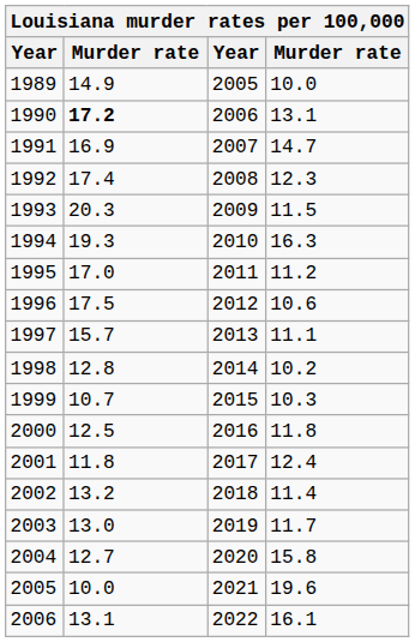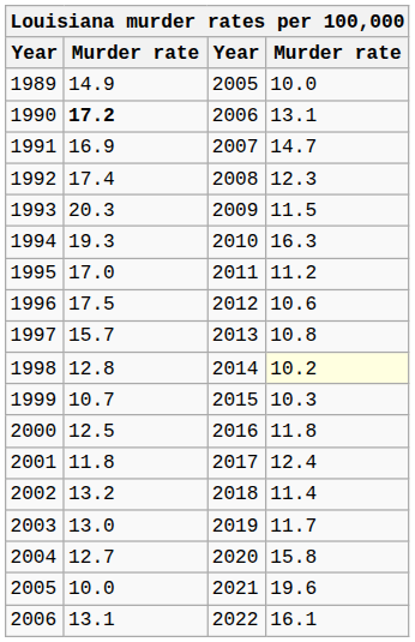 <table class="wikitable">
 <tr>
 <th colspan="4">Louisiana murder rates per 100,000<br> </th>
 </tr>
 <tr>
 <th>Year</th>
 <th>Murder rate</th>
 <th>Year</th>
 <th>Murder rate</th>
 </tr>
 <tr>
 <td>1989</td>
 <td>14.9</td>
 <td>2005</td>
 <td>10.0</td>
 </tr>
 <tr>
 <td>1990</td>
 <td><strong>17.2</strong></td>
 <td>2006</td>
 <td>13.1</td>
 </tr>
 <tr>
 <td>1991</td>
 <td>16.9</td>
 <td>2007</td>
 <td>14.7</td>
 </tr>
 <tr>
 <td>1992</td>
 <td>17.4</td>
 <td>2008</td>
 <td>12.3</td>
 </tr>
 <tr>
 <td>1993</td>
 <td>20.3</td>
 <td>2009</td>
 <td>11.5</td>
 </tr>
 <tr>
 <td>1994</td>
 <td>19.3</td>
 <td>2010</td>
 <td>16.3</td>
 </tr>
 <tr>
 <td>1995</td>
 <td>17.0</td>
 <td>2011</td>
 <td>11.2</td>
 </tr>
 <tr>
 <td>1996</td>
 <td>17.5</td>
 <td>2012</td>
 <td>10.6</td>
 </tr>
 <tr>
 <td>1997</td>
 <td>15.7</td>
 <td>2013</td>
-<td>11.1</td>
+<td>10.8</td>
 </tr>
 <tr>
 <td>1998</td>
 <td>12.8</td>
 <td>2014</td>
-<td>10.2</td>
+<td style="background: lightyellow;">10.2</td>
 </tr>
 <tr>
 <td>1999</td>
 <td>10.7</td>
 <td>2015</td>
 <td>10.3</td>
 </tr>
 <tr>
 <td>2000</td>
 <td>12.5</td>
 <td>2016</td>
 <td>11.8</td>
 </tr>
 <tr>
 <td>2001</td>
 <td>11.8</td>
 <td>2017</td>
 <td>12.4</td>
 </tr>
 <tr>
 <td>2002</td>
 <td>13.2</td>
 <td>2018</td>
 <td>11.4</td>
 </tr>
 <tr>
 <td>2003</td>
 <td>13.0</td>
 <td>2019</td>
 <td>11.7</td>
 </tr>
 <tr>
 <td>2004</td>
 <td>12.7</td>
 <td>2020</td>
 <td>15.8</td>
 </tr>
 <tr>
 <td>2005</td>
 <td>10.0</td>
 <td>2021</td>
 <td>19.6</td>
 </tr>
 <tr>
 <td>2006</td>
 <td>13.1</td>
 <td>2022</td>
 <td>16.1</td>
 </tr>
 </table>
